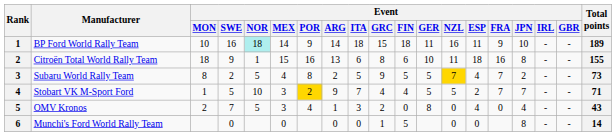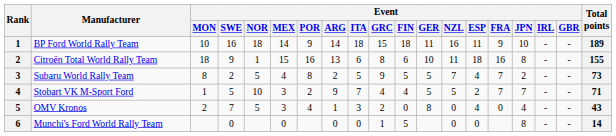 <table class="wikitable" style="text-align:center; font-size:90%;">
 <tr>
 <th rowspan=2>Rank</th>
 <th rowspan=2 style="width:16em">Manufacturer</th>
 <th colspan=16>Event</th>
 <th rowspan=2>Total<br>points</th>
 </tr>
 <tr valign="top">
 <th><a href='#'>MON</a><br></th>
 <th><a href='#'>SWE</a><br></th>
 <th><a href='#'>NOR</a><br></th>
 <th><a href='#'>MEX</a><br></th>
 <th><a href='#'>POR</a><br></th>
 <th><a href='#'>ARG</a><br></th>
 <th><a href='#'>ITA</a><br></th>
 <th><a href='#'>GRC</a><br></th>
 <th><a href='#'>FIN</a><br></th>
 <th><a href='#'>GER</a><br></th>
 <th><a href='#'>NZL</a><br></th>
 <th><a href='#'>ESP</a><br></th>
 <th><a href='#'>FRA</a><br></th>
 <th><a href='#'>JPN</a><br></th>
 <th><a href='#'>IRL</a><br></th>
 <th><a href='#'>GBR</a><br></th>
 </tr>
 <tr>
 <th>1</th>
 <td align=left><a href='#'>BP Ford World Rally Team</a></td>
 <td>10</td>
 <td>16</td>
-<td style="background: paleturquoise;">18</td>
+<td>18</td>
 <td>14</td>
 <td>9</td>
 <td>14</td>
 <td>18</td>
 <td>15</td>
 <td>18</td>
 <td>11</td>
 <td>16</td>
 <td>11</td>
 <td>9</td>
 <td>10</td>
 <td>-</td>
 <td>-</td>
 <th>189</th>
 </tr>
 <tr>
 <th>2</th>
 <td align=left><a href='#'>Citroën Total World Rally Team</a></td>
 <td>18</td>
 <td>9</td>
 <td>1</td>
 <td>15</td>
 <td>16</td>
 <td>13</td>
 <td>6</td>
 <td>8</td>
 <td>6</td>
 <td>10</td>
 <td>11</td>
 <td>18</td>
 <td>16</td>
 <td>8</td>
 <td>-</td>
 <td>-</td>
 <th>155</th>
 </tr>
 <tr>
 <th>3</th>
 <td align=left><a href='#'>Subaru World Rally Team</a></td>
 <td>8</td>
 <td>2</td>
 <td>5</td>
 <td>4</td>
 <td>8</td>
 <td>2</td>
 <td>5</td>
 <td>9</td>
 <td>5</td>
 <td>5</td>
-<td style="background: gold;">7</td>
+<td>7</td>
 <td>4</td>
 <td>7</td>
 <td>2</td>
 <td>-</td>
 <td>-</td>
 <th>73</th>
 </tr>
 <tr>
 <th>4</th>
 <td align=left><a href='#'>Stobart VK M-Sport Ford</a></td>
 <td>1</td>
 <td>5</td>
 <td>10</td>
 <td>3</td>
-<td style="background: gold;">2</td>
+<td>2</td>
 <td>9</td>
 <td>7</td>
 <td>4</td>
 <td>4</td>
 <td>5</td>
 <td>5</td>
 <td>2</td>
 <td>7</td>
 <td>7</td>
 <td>-</td>
 <td>-</td>
 <th>71</th>
 </tr>
 <tr>
 <th>5</th>
 <td align=left><a href='#'>OMV Kronos</a></td>
 <td>2</td>
 <td>7</td>
 <td>5</td>
 <td>3</td>
 <td>4</td>
 <td>1</td>
 <td>3</td>
 <td>2</td>
 <td>0</td>
 <td>8</td>
 <td>0</td>
 <td>4</td>
 <td>0</td>
 <td>4</td>
 <td>-</td>
 <td>-</td>
 <th>43</th>
 </tr>
 <tr>
 <th>6</th>
 <td align="left"><a href='#'>Munchi's Ford World Rally Team</a></td>
 <td></td>
 <td>0</td>
 <td></td>
 <td>0</td>
 <td></td>
 <td>0</td>
 <td>0</td>
 <td>1</td>
 <td>5</td>
 <td></td>
 <td>0</td>
 <td>0</td>
 <td></td>
 <td>8</td>
 <td>-</td>
 <td>-</td>
 <th>14</th>
 </tr>
 </table>
